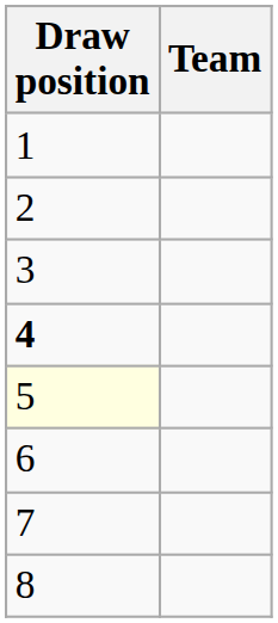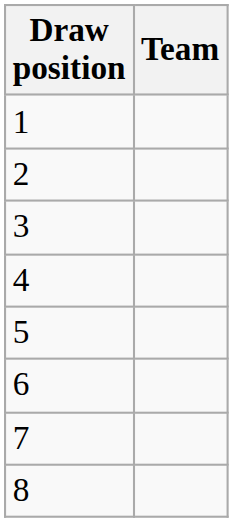 <table class="wikitable sortable" style="text-align: left;">
 <tr>
 <th>Draw<br>position</th>
 <th>Team</th>
 </tr>
 <tr>
 <td>1</td>
 <td><strong></strong></td>
 </tr>
 <tr>
 <td>2</td>
 <td></td>
 </tr>
 <tr>
 <td>3</td>
 <td></td>
 </tr>
 <tr>
-<td><strong>4</strong></td>
+<td>4</td>
 <td><strong></strong></td>
 </tr>
 <tr>
-<td style="background: lightyellow;">5</td>
+<td>5</td>
 <td></td>
 </tr>
 <tr>
 <td>6</td>
 <td><em></em></td>
 </tr>
 <tr>
 <td>7</td>
 <td><strong></strong></td>
 </tr>
 <tr>
 <td>8</td>
 <td></td>
 </tr>
 </table>
